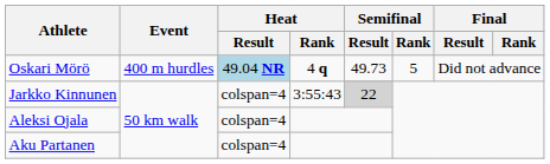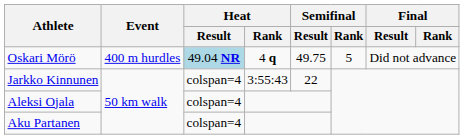 <table class="wikitable" style="font-size:90%">
 <tr>
 <th rowspan="2">Athlete</th>
 <th rowspan="2">Event</th>
 <th colspan="2">Heat</th>
 <th colspan="2">Semifinal</th>
 <th colspan="2">Final</th>
 </tr>
 <tr style="font-size:95%">
 <th>Result</th>
 <th>Rank</th>
 <th>Result</th>
 <th>Rank</th>
 <th>Result</th>
 <th>Rank</th>
 </tr>
 <tr align=center>
 <td align=left><a href='#'>Oskari Mörö</a></td>
 <td align=left><a href='#'>400 m hurdles</a></td>
 <td style="background: lightblue;">49.04 <strong><a href='#'>NR</a></strong></td>
 <td>4 <strong>q</strong></td>
-<td>49.73</td>
+<td>49.75</td>
 <td>5</td>
 <td colspan=2>Did not advance</td>
 </tr>
 <tr align=center>
 <td align=left><a href='#'>Jarkko Kinnunen</a></td>
 <td align=left rowspan=3><a href='#'>50 km walk</a></td>
 <td>colspan=4 </td>
 <td>3:55:43</td>
-<td style="background: lightgrey;">22</td>
+<td>22</td>
 </tr>
 <tr align=center>
 <td align=left><a href='#'>Aleksi Ojala</a></td>
 <td>colspan=4 </td>
 <td colspan=2></td>
 </tr>
 <tr align=center>
 <td align=left><a href='#'>Aku Partanen</a></td>
 <td>colspan=4 </td>
 <td colspan=2></td>
 </tr>
 </table>
